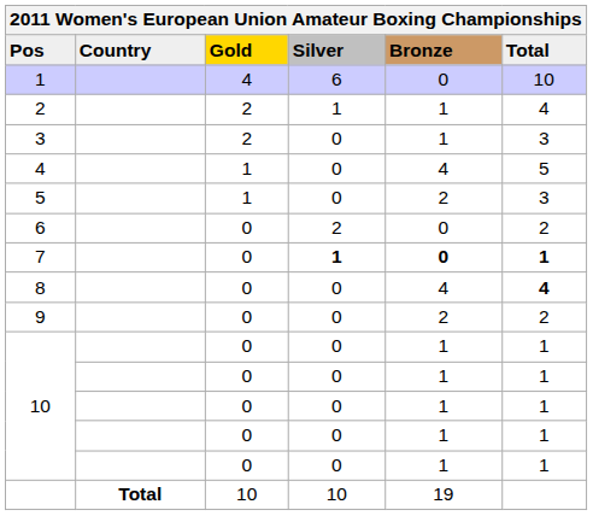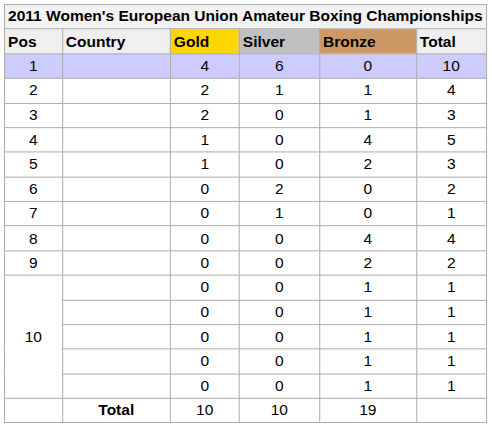 <table class="wikitable">
 <tr>
 <th colspan=7 style="border-right:0px;";><strong>2011 Women's European Union Amateur Boxing Championships</strong></th>
 </tr>
 <tr bgcolor="#efefef">
 <td><strong>Pos</strong></td>
 <td><strong>Country</strong></td>
 <td bgcolor="gold"><strong>Gold</strong></td>
 <td bgcolor="silver"><strong>Silver</strong></td>
 <td bgcolor="CC9966"><strong>Bronze</strong></td>
 <td><strong>Total</strong></td>
 </tr>
 <tr bgcolor="#CCCCFF" align="center">
 <td>1</td>
 <td align="left"></td>
 <td>4</td>
 <td>6</td>
 <td>0</td>
 <td>10</td>
 </tr>
 <tr bgcolor="#FFFFFF" align="center">
 <td>2</td>
 <td align="left"></td>
 <td>2</td>
 <td>1</td>
 <td>1</td>
 <td>4</td>
 </tr>
 <tr bgcolor="#FFFFFF" align="center">
 <td>3</td>
 <td align="left"></td>
 <td>2</td>
 <td>0</td>
 <td>1</td>
 <td>3</td>
 </tr>
 <tr bgcolor="#FFFFFF" align="center">
 <td>4</td>
 <td align="left"></td>
 <td>1</td>
 <td>0</td>
 <td>4</td>
 <td>5</td>
 </tr>
 <tr bgcolor="#FFFFFF" align="center">
 <td>5</td>
 <td align="left"></td>
 <td>1</td>
 <td>0</td>
 <td>2</td>
 <td>3</td>
 </tr>
 <tr bgcolor="#FFFFFF" align="center">
 <td>6</td>
 <td align="left"></td>
 <td>0</td>
 <td>2</td>
 <td>0</td>
 <td>2</td>
 </tr>
 <tr bgcolor="#FFFFFF" align="center">
 <td>7</td>
 <td align="left"></td>
 <td>0</td>
-<td><strong>1</strong></td>
-<td><strong>0</strong></td>
-<td><strong>1</strong></td>
+<td>1</td>
+<td>0</td>
+<td>1</td>
 </tr>
 <tr bgcolor="#FFFFFF" align="center">
 <td>8</td>
 <td align="left"></td>
 <td>0</td>
 <td>0</td>
 <td>4</td>
-<td><strong>4</strong></td>
+<td>4</td>
 </tr>
 <tr bgcolor="#FFFFFF" align="center">
 <td>9</td>
 <td align="left"></td>
 <td>0</td>
 <td>0</td>
 <td>2</td>
 <td>2</td>
 </tr>
 <tr bgcolor="#FFFFFF" align="center">
 <td rowspan="5">10</td>
 <td align="left"></td>
 <td>0</td>
 <td>0</td>
 <td>1</td>
 <td>1</td>
 </tr>
 <tr bgcolor="#FFFFFF" align="center">
 <td align="left"></td>
 <td>0</td>
 <td>0</td>
 <td>1</td>
 <td>1</td>
 </tr>
 <tr bgcolor="#FFFFFF" align="center">
 <td align="left"></td>
 <td>0</td>
 <td>0</td>
 <td>1</td>
 <td>1</td>
 </tr>
 <tr bgcolor="#FFFFFF" align="center">
 <td align="left"></td>
 <td>0</td>
 <td>0</td>
 <td>1</td>
 <td>1</td>
 </tr>
 <tr bgcolor="#FFFFFF" align="center">
 <td align="left"></td>
 <td>0</td>
 <td>0</td>
 <td>1</td>
 <td>1</td>
 </tr>
 <tr bgcolor="#FFFFFF" align="center">
 <td></td>
 <td align="center"><strong>Total</strong></td>
 <td>10</td>
 <td>10</td>
 <td>19</td>
 <td></td>
 </tr>
 </table>
